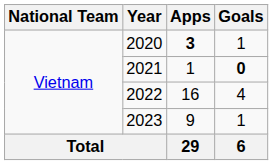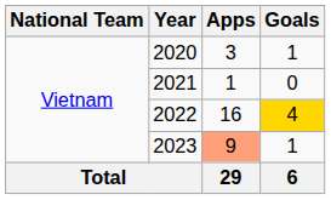 <table class="wikitable" style="text-align:center">
 <tr>
 <th>National Team</th>
 <th>Year</th>
 <th>Apps</th>
 <th>Goals</th>
 </tr>
 <tr>
 <td rowspan="4"><a href='#'>Vietnam</a></td>
 <td>2020</td>
-<td><strong>3</strong></td>
+<td>3</td>
 <td>1</td>
 </tr>
 <tr>
 <td>2021</td>
 <td>1</td>
-<td><strong>0</strong></td>
+<td>0</td>
 </tr>
 <tr>
 <td>2022</td>
 <td>16</td>
-<td>4</td>
+<td style="background: gold;">4</td>
 </tr>
 <tr>
 <td>2023</td>
-<td>9</td>
+<td style="background: lightsalmon;">9</td>
 <td>1</td>
 </tr>
 <tr>
 <th colspan=2>Total</th>
 <th>29</th>
 <th>6</th>
 </tr>
 </table>
